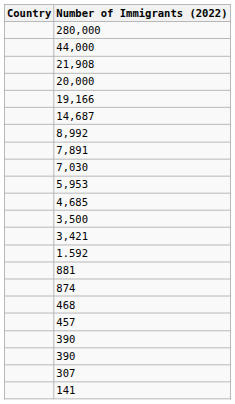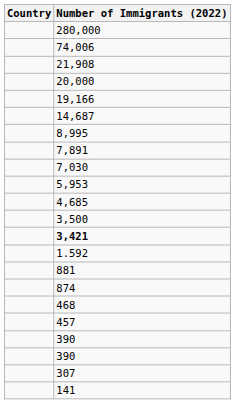 <table class="wikitable">
 <tr>
 <th>Country</th>
 <th>Number of Immigrants (2022)</th>
 </tr>
 <tr>
 <td></td>
 <td>280,000</td>
 </tr>
 <tr>
 <td></td>
-<td>44,000</td>
+<td>74,006</td>
 </tr>
 <tr>
 <td></td>
 <td>21,908</td>
 </tr>
 <tr>
 <td></td>
 <td>20,000</td>
 </tr>
 <tr>
 <td></td>
 <td>19,166</td>
 </tr>
 <tr>
 <td></td>
 <td>14,687</td>
 </tr>
 <tr>
 <td></td>
-<td>8,992</td>
+<td>8,995</td>
 </tr>
 <tr>
 <td></td>
 <td>7,891</td>
 </tr>
 <tr>
 <td></td>
 <td>7,030</td>
 </tr>
 <tr>
 <td></td>
 <td>5,953</td>
 </tr>
 <tr>
 <td></td>
 <td>4,685</td>
 </tr>
 <tr>
 <td></td>
 <td>3,500</td>
 </tr>
 <tr>
 <td></td>
-<td>3,421</td>
+<td><strong>3,421</strong></td>
 </tr>
 <tr>
 <td></td>
 <td>1.592</td>
 </tr>
 <tr>
 <td></td>
 <td>881</td>
 </tr>
 <tr>
 <td></td>
 <td>874</td>
 </tr>
 <tr>
 <td></td>
 <td>468</td>
 </tr>
 <tr>
 <td></td>
 <td>457</td>
 </tr>
 <tr>
 <td></td>
 <td>390</td>
 </tr>
 <tr>
 <td></td>
 <td>390</td>
 </tr>
 <tr>
 <td></td>
 <td>307</td>
 </tr>
 <tr>
 <td></td>
 <td>141</td>
 </tr>
 </table>
